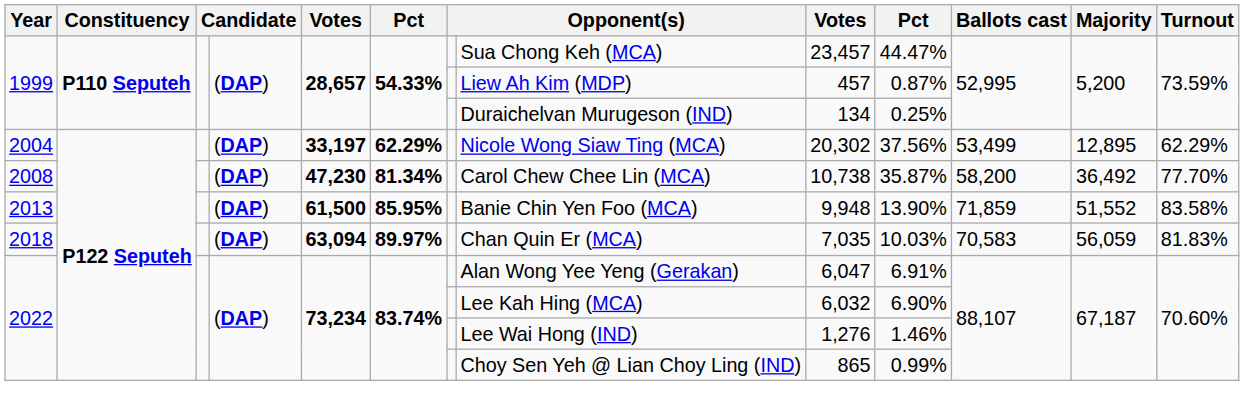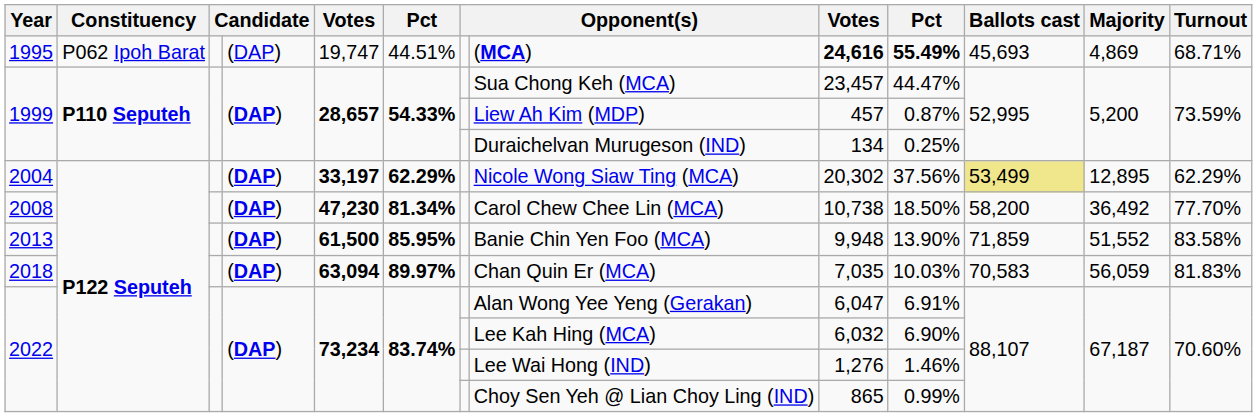 <table class="wikitable" style="margin:0.5em ; font-size:95%">
 <tr>
 <th>Year</th>
 <th>Constituency</th>
 <th colspan=2>Candidate</th>
 <th>Votes</th>
 <th>Pct</th>
 <th colspan=2>Opponent(s)</th>
 <th>Votes</th>
 <th>Pct</th>
 <th>Ballots cast</th>
 <th>Majority</th>
 <th>Turnout</th>
+</tr>
+<tr>
+<td><a href='#'>1995</a></td>
+<td>P062 <a href='#'>Ipoh Barat</a></td>
+<td></td>
+<td> (<a href='#'>DAP</a>)</td>
+<td align="right">19,747</td>
+<td>44.51%</td>
+<td></td>
+<td> (<a href='#'><strong>MCA</strong></a>)</td>
+<td align="right"><strong>24,616</strong></td>
+<td><strong>55.49%</strong></td>
+<td>45,693</td>
+<td>4,869</td>
+<td>68.71%</td>
 </tr>
 <tr>
 <td rowspan=3><a href='#'>1999</a></td>
 <td rowspan=3><strong>P110 <a href='#'>Seputeh</a></strong></td>
 <td rowspan=3 ></td>
 <td rowspan=3> (<a href='#'><strong>DAP</strong></a>)</td>
 <td rowspan=3 align="right"><strong>28,657</strong></td>
 <td rowspan=3><strong>54.33%</strong></td>
 <td></td>
 <td>Sua Chong Keh (<a href='#'>MCA</a>)</td>
 <td align="right">23,457</td>
 <td>44.47%</td>
 <td rowspan=3>52,995</td>
 <td rowspan=3>5,200</td>
 <td rowspan=3>73.59%</td>
 </tr>
 <tr>
 <td style="background-color: "></td>
 <td><a href='#'>Liew Ah Kim</a> (<a href='#'>MDP</a>)</td>
 <td align="right">457</td>
 <td align="right">0.87%</td>
 </tr>
 <tr>
 <td></td>
 <td>Duraichelvan Murugeson (<a href='#'>IND</a>)</td>
 <td align="right">134</td>
 <td align="right">0.25%</td>
 </tr>
 <tr>
 <td><a href='#'>2004</a></td>
 <td rowspan=8><strong>P122 <a href='#'>Seputeh</a></strong></td>
 <td></td>
 <td> (<a href='#'><strong>DAP</strong></a>)</td>
 <td align="right"><strong>33,197</strong></td>
 <td><strong>62.29%</strong></td>
 <td></td>
 <td><a href='#'>Nicole Wong Siaw Ting</a> (<a href='#'>MCA</a>)</td>
 <td align="right">20,302</td>
 <td>37.56%</td>
-<td>53,499</td>
+<td style="background: khaki;">53,499</td>
 <td>12,895</td>
 <td>62.29%</td>
 </tr>
 <tr>
 <td><a href='#'>2008</a></td>
 <td></td>
 <td> (<a href='#'><strong>DAP</strong></a>)</td>
 <td align="right"><strong>47,230</strong></td>
 <td><strong>81.34%</strong></td>
 <td></td>
 <td>Carol Chew Chee Lin (<a href='#'>MCA</a>)</td>
 <td align="right">10,738</td>
-<td>35.87%</td>
+<td>18.50%</td>
 <td>58,200</td>
 <td>36,492</td>
 <td>77.70%</td>
 </tr>
 <tr>
 <td><a href='#'>2013</a></td>
 <td></td>
 <td> (<a href='#'><strong>DAP</strong></a>)</td>
 <td align="right"><strong>61,500</strong></td>
 <td><strong>85.95%</strong></td>
 <td></td>
 <td>Banie Chin Yen Foo (<a href='#'>MCA</a>)</td>
 <td align="right">9,948</td>
 <td>13.90%</td>
 <td>71,859</td>
 <td>51,552</td>
 <td>83.58%</td>
 </tr>
 <tr>
 <td><a href='#'>2018</a></td>
 <td></td>
 <td> (<a href='#'><strong>DAP</strong></a>)</td>
 <td align="right"><strong>63,094</strong></td>
 <td><strong>89.97%</strong></td>
 <td></td>
 <td>Chan Quin Er (<a href='#'>MCA</a>)</td>
 <td align="right">7,035</td>
 <td>10.03%</td>
 <td>70,583</td>
 <td>56,059</td>
 <td>81.83%</td>
 </tr>
 <tr>
 <td rowspan=4><a href='#'>2022</a></td>
 <td rowspan=4 ></td>
 <td rowspan=4> (<a href='#'><strong>DAP</strong></a>)</td>
 <td rowspan=4 align="right"><strong>73,234</strong></td>
 <td rowspan=4><strong>83.74%</strong></td>
 <td bgcolor=></td>
 <td>Alan Wong Yee Yeng (<a href='#'>Gerakan</a>)</td>
 <td align="right">6,047</td>
 <td align=right>6.91%</td>
 <td rowspan=4>88,107</td>
 <td rowspan=4>67,187</td>
 <td rowspan=4>70.60%</td>
 </tr>
 <tr>
 <td></td>
 <td>Lee Kah Hing (<a href='#'>MCA</a>)</td>
 <td align="right">6,032</td>
 <td align=right>6.90%</td>
 </tr>
 <tr>
 <td></td>
 <td>Lee Wai Hong (<a href='#'>IND</a>)</td>
 <td align="right">1,276</td>
 <td align=right>1.46%</td>
 </tr>
 <tr>
 <td></td>
 <td>Choy Sen Yeh @ Lian Choy Ling (<a href='#'>IND</a>)</td>
 <td align="right">865</td>
 <td align=right>0.99%</td>
 </tr>
 </table>
